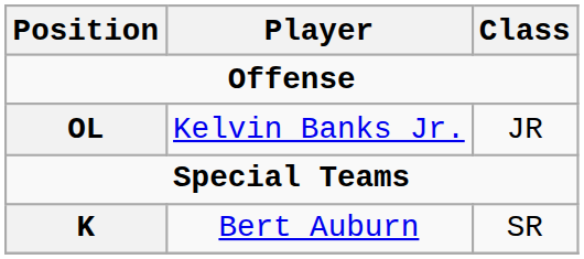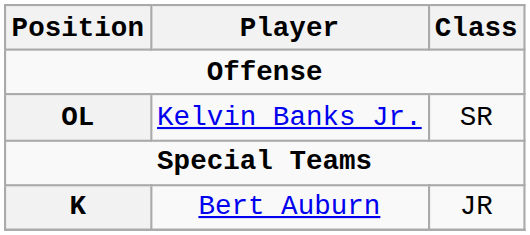 <table class="wikitable">
 <tr>
 <th>Position</th>
 <th>Player</th>
 <th>Class</th>
 </tr>
 <tr>
 <td colspan="4" style="text-align:center; "><strong>Offense</strong></td>
 </tr>
 <tr style="text-align:center;">
 <th rowspan="1">OL</th>
 <td><a href='#'>Kelvin Banks Jr.</a></td>
-<td>JR</td>
+<td>SR</td>
 </tr>
 <tr>
 <td colspan="4" style="text-align:center; "><strong>Special Teams</strong></td>
 </tr>
 <tr style="text-align:center;">
 <th rowspan="1">K</th>
 <td><a href='#'>Bert Auburn</a></td>
-<td>SR</td>
+<td>JR</td>
 </tr>
 <tr>
 </tr>
 </table>
